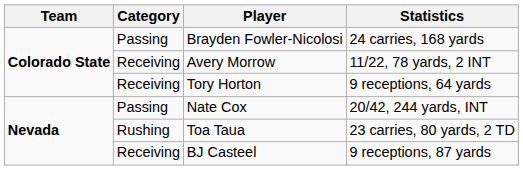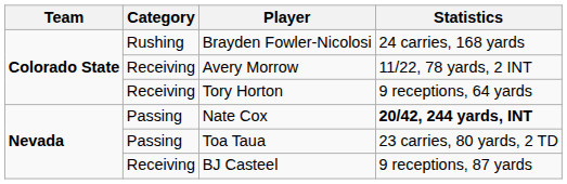 <table class="wikitable" style="float: left;">
 <tr>
 <th>Team</th>
 <th>Category</th>
 <th>Player</th>
 <th>Statistics</th>
 </tr>
 <tr>
 <td rowspan=3><strong>Colorado State</strong></td>
-<td>Passing</td>
+<td>Rushing</td>
 <td>Brayden Fowler-Nicolosi</td>
 <td>24 carries, 168 yards</td>
 </tr>
 <tr>
 <td>Receiving</td>
 <td>Avery Morrow</td>
 <td>11/22, 78 yards, 2 INT</td>
 </tr>
 <tr>
 <td>Receiving</td>
 <td>Tory Horton</td>
 <td>9 receptions, 64 yards</td>
 </tr>
 <tr>
 <td rowspan=3><strong>Nevada</strong></td>
 <td>Passing</td>
 <td>Nate Cox</td>
-<td>20/42, 244 yards, INT</td>
+<td><strong>20/42, 244 yards, INT</strong></td>
 </tr>
 <tr>
-<td>Rushing</td>
+<td>Passing</td>
 <td>Toa Taua</td>
 <td>23 carries, 80 yards, 2 TD</td>
 </tr>
 <tr>
 <td>Receiving</td>
 <td>BJ Casteel</td>
 <td>9 receptions, 87 yards</td>
 </tr>
 </table>
